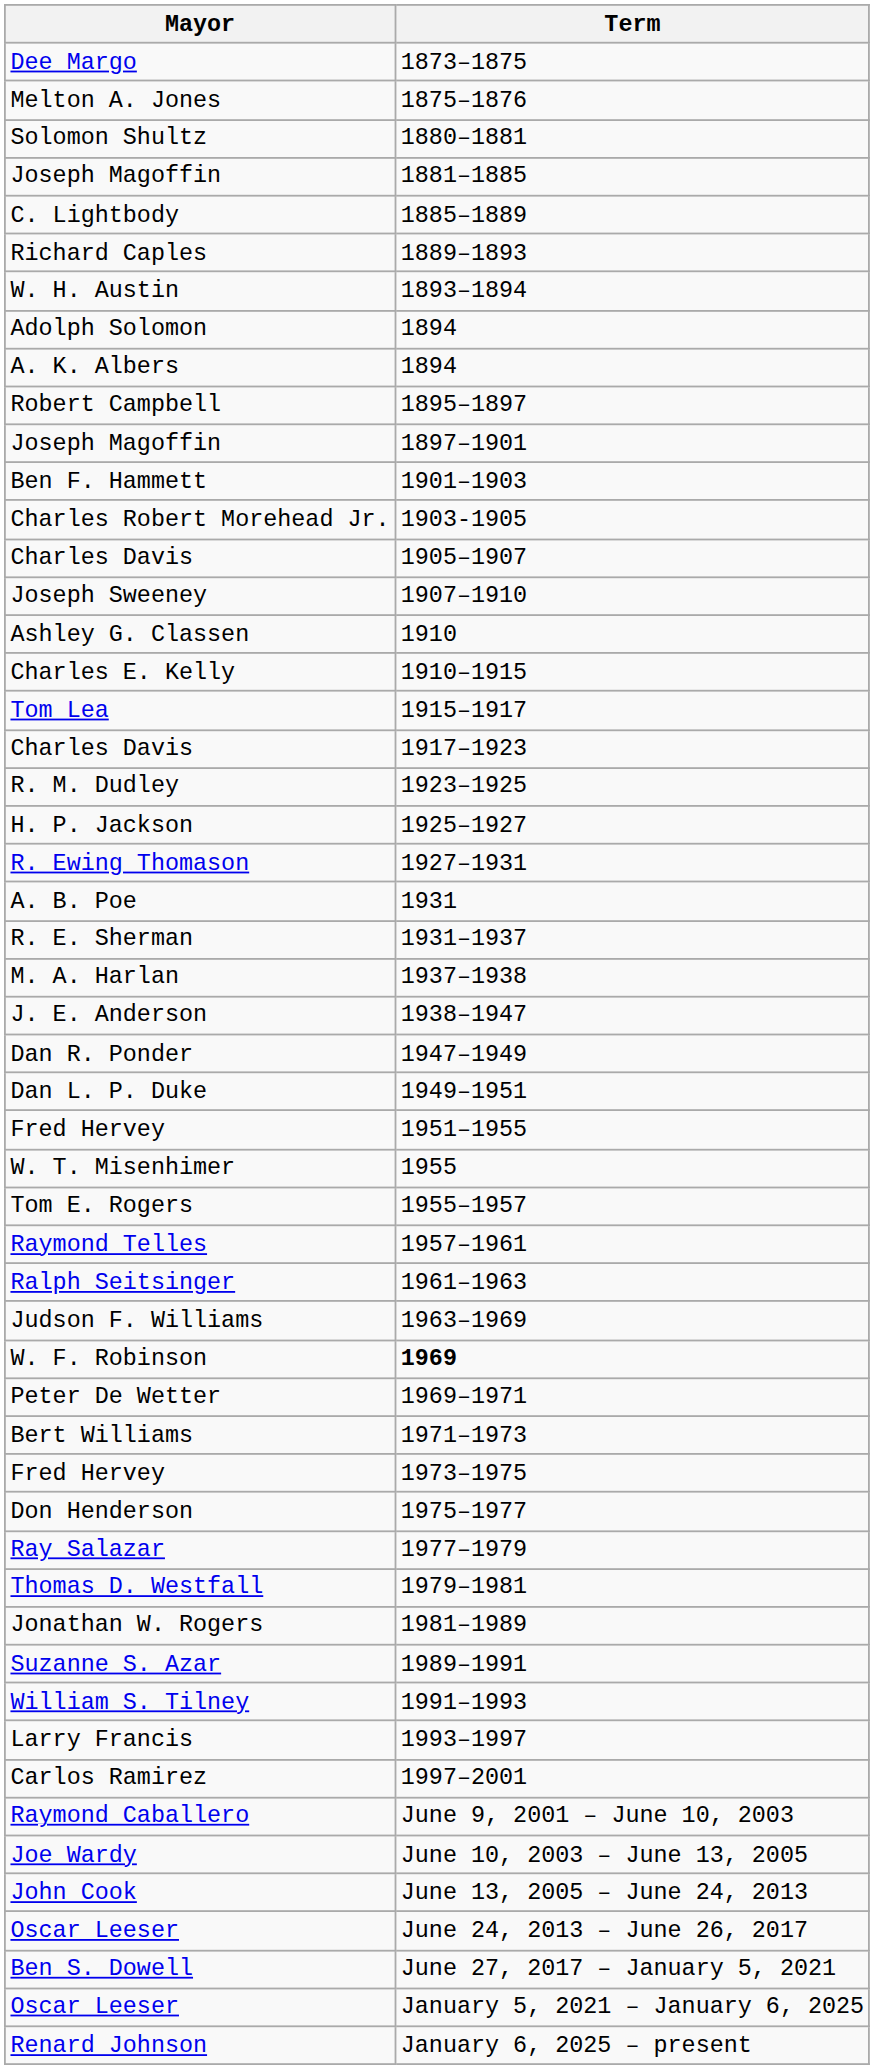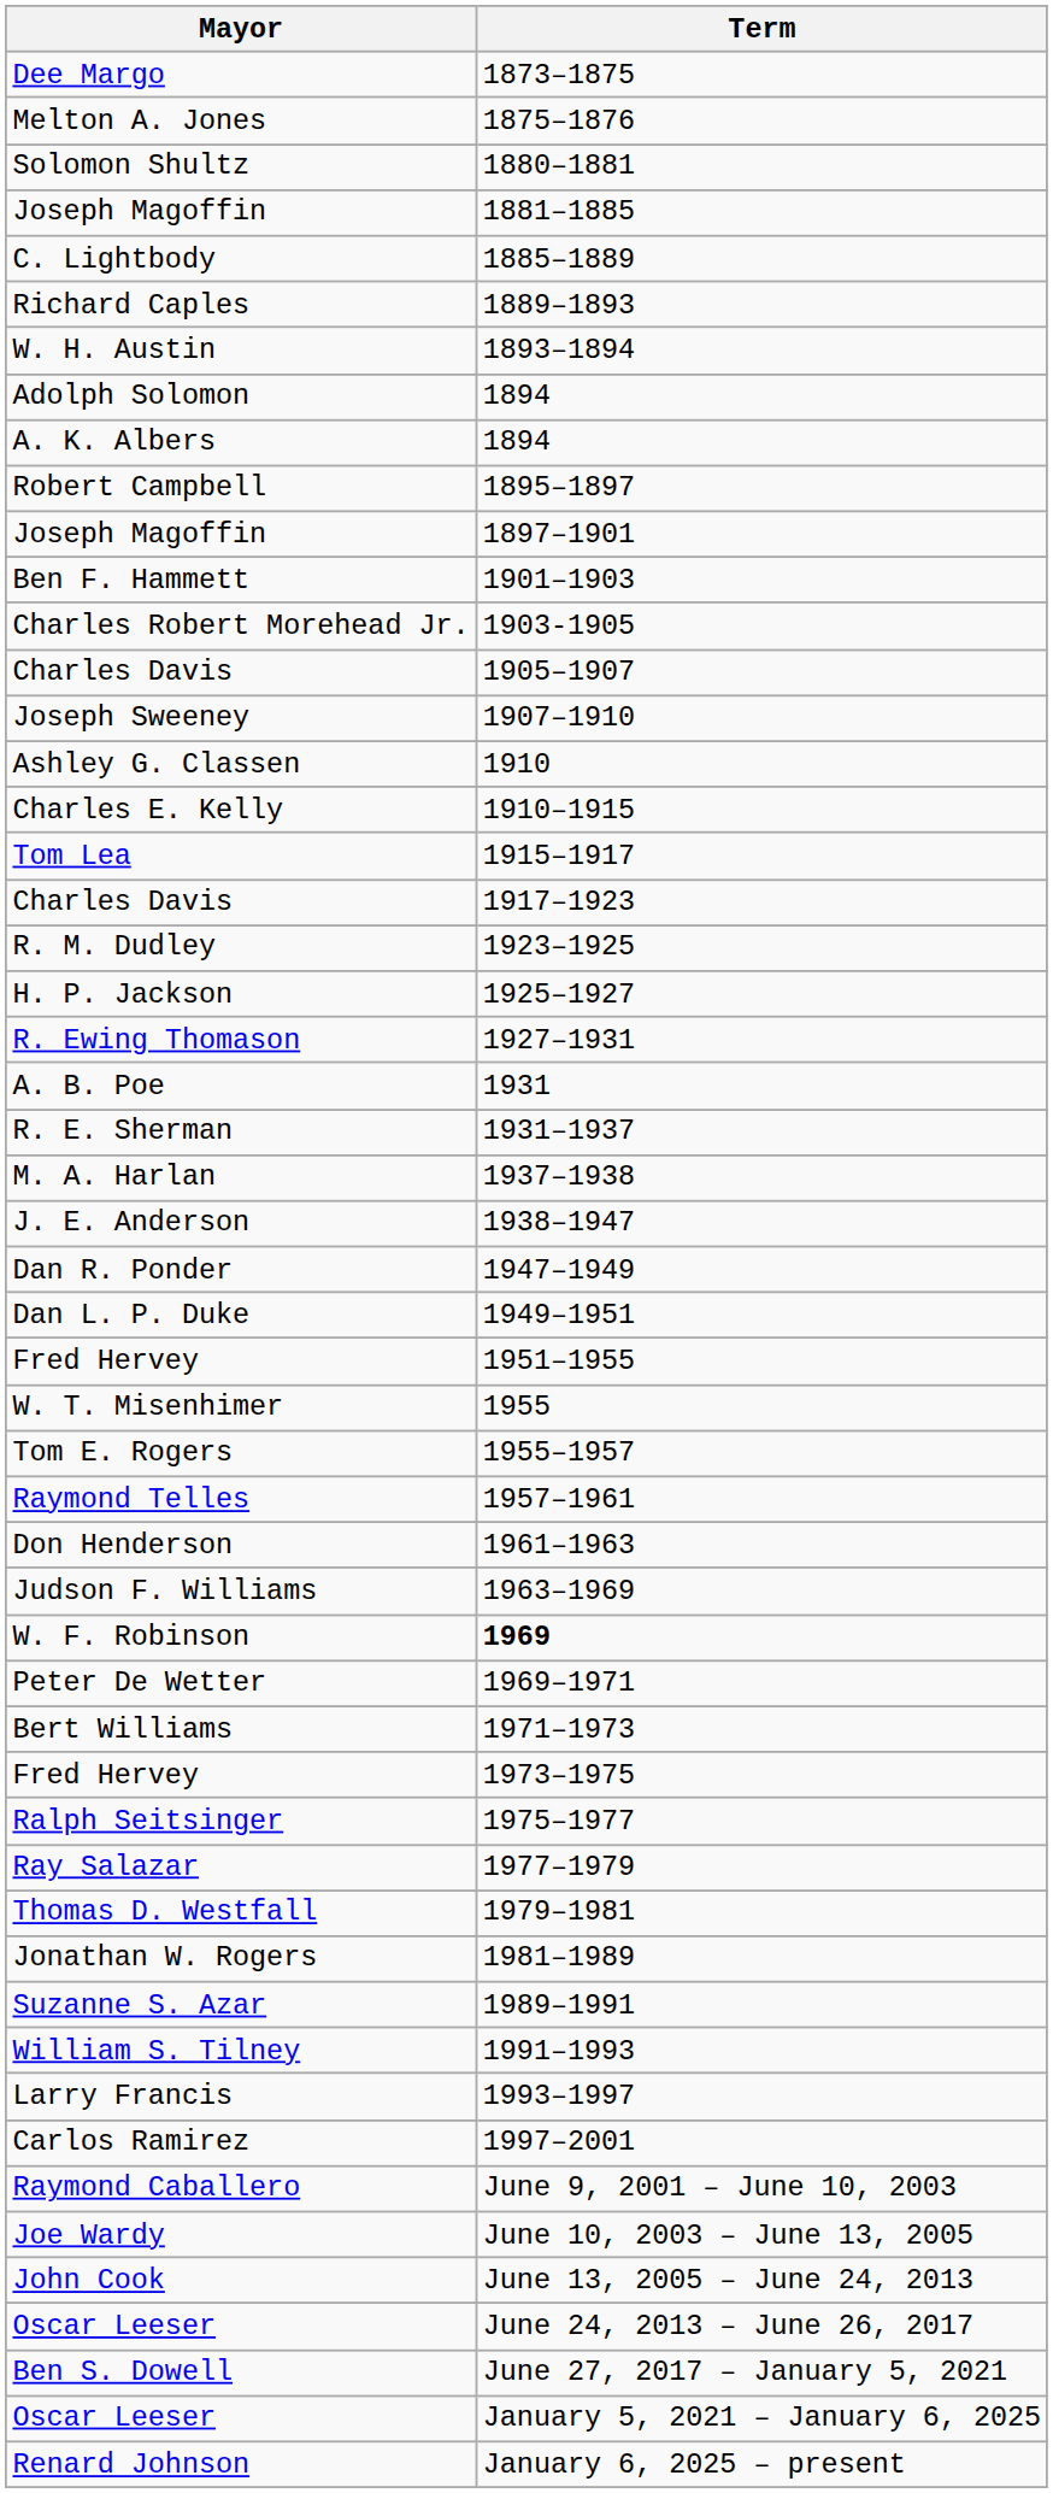 <table class="wikitable">
 <tr>
 <th>Mayor</th>
 <th>Term</th>
 </tr>
 <tr>
 <td><a href='#'>Dee Margo</a></td>
 <td>1873–1875</td>
 </tr>
 <tr>
 <td>Melton A. Jones</td>
 <td>1875–1876</td>
 </tr>
 <tr>
 <td>Solomon Shultz</td>
 <td>1880–1881</td>
 </tr>
 <tr>
 <td>Joseph Magoffin</td>
 <td>1881–1885</td>
 </tr>
 <tr>
 <td>C. Lightbody</td>
 <td>1885–1889</td>
 </tr>
 <tr>
 <td>Richard Caples</td>
 <td>1889–1893</td>
 </tr>
 <tr>
 <td>W. H. Austin</td>
 <td>1893–1894</td>
 </tr>
 <tr>
 <td>Adolph Solomon</td>
 <td>1894</td>
 </tr>
 <tr>
 <td>A. K. Albers</td>
 <td>1894</td>
 </tr>
 <tr>
 <td>Robert Campbell</td>
 <td>1895–1897</td>
 </tr>
 <tr>
 <td>Joseph Magoffin</td>
 <td>1897–1901</td>
 </tr>
 <tr>
 <td>Ben F. Hammett</td>
 <td>1901–1903</td>
 </tr>
 <tr>
 <td>Charles Robert Morehead Jr.</td>
 <td>1903-1905</td>
 </tr>
 <tr>
 <td>Charles Davis</td>
 <td>1905–1907</td>
 </tr>
 <tr>
 <td>Joseph Sweeney</td>
 <td>1907–1910</td>
 </tr>
 <tr>
 <td>Ashley G. Classen</td>
 <td>1910</td>
 </tr>
 <tr>
 <td>Charles E. Kelly</td>
 <td>1910–1915</td>
 </tr>
 <tr>
 <td><a href='#'>Tom Lea</a></td>
 <td>1915–1917</td>
 </tr>
 <tr>
 <td>Charles Davis</td>
 <td>1917–1923</td>
 </tr>
 <tr>
 <td>R. M. Dudley</td>
 <td>1923–1925</td>
 </tr>
 <tr>
 <td>H. P. Jackson</td>
 <td>1925–1927</td>
 </tr>
 <tr>
 <td><a href='#'>R. Ewing Thomason</a></td>
 <td>1927–1931</td>
 </tr>
 <tr>
 <td>A. B. Poe</td>
 <td>1931</td>
 </tr>
 <tr>
 <td>R. E. Sherman</td>
 <td>1931–1937</td>
 </tr>
 <tr>
 <td>M. A. Harlan</td>
 <td>1937–1938</td>
 </tr>
 <tr>
 <td>J. E. Anderson</td>
 <td>1938–1947</td>
 </tr>
 <tr>
 <td>Dan R. Ponder</td>
 <td>1947–1949</td>
 </tr>
 <tr>
 <td>Dan L. P. Duke</td>
 <td>1949–1951</td>
 </tr>
 <tr>
 <td>Fred Hervey</td>
 <td>1951–1955</td>
 </tr>
 <tr>
 <td>W. T. Misenhimer</td>
 <td>1955</td>
 </tr>
 <tr>
 <td>Tom E. Rogers</td>
 <td>1955–1957</td>
 </tr>
 <tr>
 <td><a href='#'>Raymond Telles</a></td>
 <td>1957–1961</td>
 </tr>
 <tr>
-<td><a href='#'>Ralph Seitsinger</a></td>
+<td>Don Henderson</td>
 <td>1961–1963</td>
 </tr>
 <tr>
 <td>Judson F. Williams</td>
 <td>1963–1969</td>
 </tr>
 <tr>
 <td>W. F. Robinson</td>
 <td><strong>1969</strong></td>
 </tr>
 <tr>
 <td>Peter De Wetter</td>
 <td>1969–1971</td>
 </tr>
 <tr>
 <td>Bert Williams</td>
 <td>1971–1973</td>
 </tr>
 <tr>
 <td>Fred Hervey</td>
 <td>1973–1975</td>
 </tr>
 <tr>
-<td>Don Henderson</td>
+<td><a href='#'>Ralph Seitsinger</a></td>
 <td>1975–1977</td>
 </tr>
 <tr>
 <td><a href='#'>Ray Salazar</a></td>
 <td>1977–1979</td>
 </tr>
 <tr>
 <td><a href='#'>Thomas D. Westfall</a></td>
 <td>1979–1981</td>
 </tr>
 <tr>
 <td>Jonathan W. Rogers</td>
 <td>1981–1989</td>
 </tr>
 <tr>
 <td><a href='#'>Suzanne S. Azar</a></td>
 <td>1989–1991</td>
 </tr>
 <tr>
 <td><a href='#'>William S. Tilney</a></td>
 <td>1991–1993</td>
 </tr>
 <tr>
 <td>Larry Francis</td>
 <td>1993–1997</td>
 </tr>
 <tr>
 <td>Carlos Ramirez</td>
 <td>1997–2001</td>
 </tr>
 <tr>
 <td><a href='#'>Raymond Caballero</a></td>
 <td>June 9, 2001 – June 10, 2003</td>
 </tr>
 <tr>
 <td><a href='#'>Joe Wardy</a></td>
 <td>June 10, 2003 – June 13, 2005</td>
 </tr>
 <tr>
 <td><a href='#'>John Cook</a></td>
 <td>June 13, 2005 – June 24, 2013</td>
 </tr>
 <tr>
 <td><a href='#'>Oscar Leeser</a></td>
 <td>June 24, 2013 – June 26, 2017 </td>
 </tr>
 <tr>
 <td><a href='#'>Ben S. Dowell</a></td>
 <td>June 27, 2017 – January 5, 2021</td>
 </tr>
 <tr>
 <td><a href='#'>Oscar Leeser</a></td>
 <td>January 5, 2021 – January 6, 2025</td>
 </tr>
 <tr>
 <td><a href='#'>Renard Johnson</a></td>
 <td>January 6, 2025 – present</td>
 </tr>
 </table>
